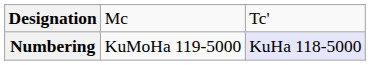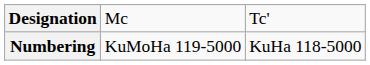 <table class="wikitable">
 <tr>
 <th>Designation</th>
 <td>Mc</td>
 <td>Tc'</td>
 </tr>
 <tr>
 <th>Numbering</th>
 <td>KuMoHa 119-5000</td>
-<td style="background: lavender;">KuHa 118-5000</td>
+<td>KuHa 118-5000</td>
 </tr>
 </table>
